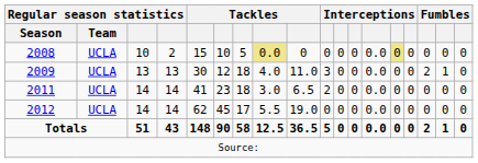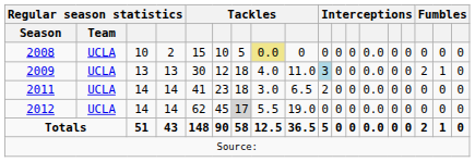 <table class="wikitable" style="text-align:center;">
 <tr>
 <th colspan="4">Regular season statistics</th>
 <th colspan="5">Tackles</th>
 <th colspan="6">Interceptions</th>
 <th colspan="3">Fumbles</th>
 </tr>
 <tr>
 <th>Season</th>
 <th>Team</th>
 <th></th>
 <th></th>
 <th></th>
 <th></th>
 <th></th>
 <th></th>
 <th></th>
 <th></th>
 <th></th>
 <th></th>
 <th></th>
 <th></th>
 <th></th>
 <th></th>
 <th></th>
 <th></th>
 </tr>
 <tr>
 <td><a href='#'>2008</a></td>
 <td><a href='#'>UCLA</a></td>
 <td>10</td>
 <td>2</td>
 <td>15</td>
 <td>10</td>
 <td>5</td>
 <td style="background: khaki;">0.0</td>
 <td>0</td>
 <td>0</td>
 <td>0</td>
 <td>0</td>
 <td>0.0</td>
-<td style="background: khaki;">0</td>
+<td>0</td>
 <td>0</td>
 <td>0</td>
 <td>0</td>
 <td>0</td>
 </tr>
 <tr>
 <td><a href='#'>2009</a></td>
 <td><a href='#'>UCLA</a></td>
 <td>13</td>
 <td>13</td>
 <td>30</td>
 <td>12</td>
 <td>18</td>
 <td>4.0</td>
 <td>11.0</td>
-<td>3</td>
+<td style="background: lightblue;">3</td>
 <td>0</td>
 <td>0</td>
 <td>0.0</td>
 <td>0</td>
 <td>0</td>
 <td>2</td>
 <td>1</td>
 <td>0</td>
 </tr>
 <tr>
 <td><a href='#'>2011</a></td>
 <td><a href='#'>UCLA</a></td>
 <td>14</td>
 <td>14</td>
 <td>41</td>
 <td>23</td>
 <td>18</td>
 <td>3.0</td>
 <td>6.5</td>
 <td>2</td>
 <td>0</td>
 <td>0</td>
 <td>0.0</td>
 <td>0</td>
 <td>0</td>
 <td>0</td>
 <td>0</td>
 <td>0</td>
 </tr>
 <tr>
 <td><a href='#'>2012</a></td>
 <td><a href='#'>UCLA</a></td>
 <td>14</td>
 <td>14</td>
 <td>62</td>
 <td>45</td>
-<td>17</td>
+<td style="background: lightgrey;">17</td>
 <td>5.5</td>
 <td>19.0</td>
 <td>0</td>
 <td>0</td>
 <td>0</td>
 <td>0.0</td>
 <td>0</td>
 <td>0</td>
 <td>0</td>
 <td>0</td>
 <td>0</td>
 </tr>
 <tr>
 <td colspan="2"><strong>Totals</strong></td>
 <td><strong>51</strong></td>
 <td><strong>43</strong></td>
 <td><strong>148</strong></td>
 <td><strong>90</strong></td>
 <td><strong>58</strong></td>
 <td><strong>12.5</strong></td>
 <td><strong>36.5</strong></td>
 <td><strong>5</strong></td>
 <td><strong>0</strong></td>
 <td><strong>0</strong></td>
 <td><strong>0.0</strong></td>
 <td><strong>0</strong></td>
 <td><strong>0</strong></td>
 <td><strong>2</strong></td>
 <td><strong>1</strong></td>
 <td><strong>0</strong></td>
 </tr>
 <tr>
 <td colspan="18"><small>Source: </small></td>
 </tr>
 </table>
